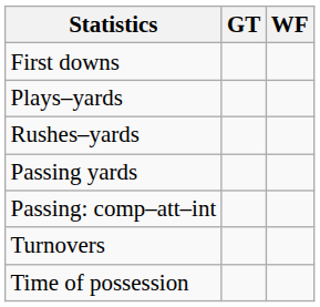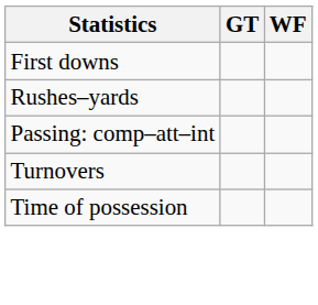 <table class="wikitable" style="float:left">
 <tr>
 <th>Statistics</th>
 <th>GT</th>
 <th>WF</th>
 </tr>
 <tr>
 <td>First downs</td>
 <td></td>
 <td></td>
 </tr>
 <tr>
-<td>Plays–yards</td>
-<td></td>
-<td></td>
-</tr>
-<tr>
 <td>Rushes–yards</td>
-<td></td>
-<td></td>
-</tr>
-<tr>
-<td>Passing yards</td>
 <td></td>
 <td></td>
 </tr>
 <tr>
 <td>Passing: comp–att–int</td>
 <td></td>
 <td></td>
 </tr>
 <tr>
 <td>Turnovers</td>
 <td></td>
 <td></td>
 </tr>
 <tr>
 <td>Time of possession</td>
 <td></td>
 <td></td>
 </tr>
 </table>
